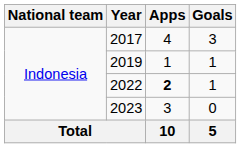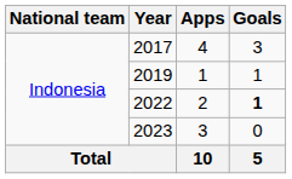 <table class=wikitable style=text-align:center>
 <tr>
 <th>National team</th>
 <th>Year</th>
 <th>Apps</th>
 <th>Goals</th>
 </tr>
 <tr>
 <td rowspan="4"><a href='#'>Indonesia</a></td>
 <td>2017</td>
 <td>4</td>
 <td>3</td>
 </tr>
 <tr>
 <td>2019</td>
 <td>1</td>
 <td>1</td>
 </tr>
 <tr>
 <td>2022</td>
-<td><strong>2</strong></td>
-<td>1</td>
+<td>2</td>
+<td><strong>1</strong></td>
 </tr>
 <tr>
 <td>2023</td>
 <td>3</td>
 <td>0</td>
 </tr>
 <tr>
 <th colspan=2>Total</th>
 <th>10</th>
 <th>5</th>
 </tr>
 </table>
